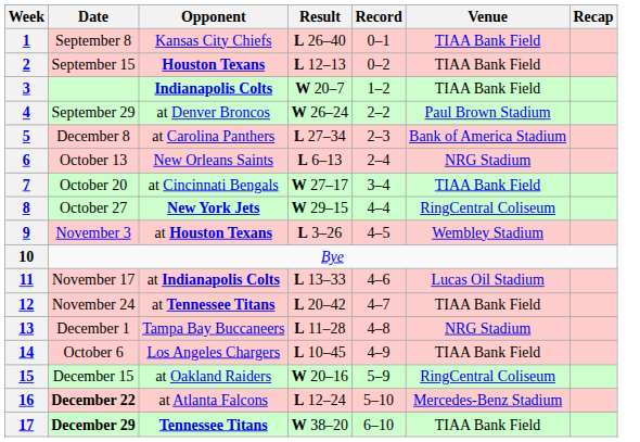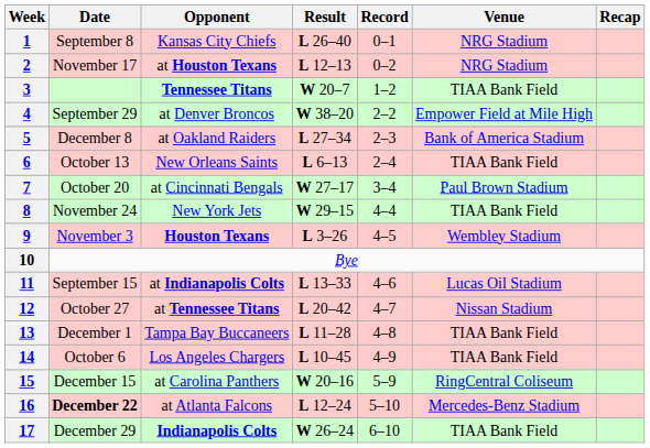 <table class="wikitable" style="text-align:center">
 <tr>
 <th>Week</th>
 <th>Date</th>
 <th>Opponent</th>
 <th>Result</th>
 <th>Record</th>
 <th>Venue</th>
 <th>Recap</th>
 </tr>
 <tr style="background:#fcc">
 <th><a href='#'>1</a></th>
 <td>September 8</td>
 <td><a href='#'>Kansas City Chiefs</a></td>
 <td><strong>L</strong> 26–40</td>
 <td>0–1</td>
-<td><a href='#'>TIAA Bank Field</a></td>
+<td><a href='#'>NRG Stadium</a></td>
 <td></td>
 </tr>
 <tr style="background:#fcc">
 <th><a href='#'>2</a></th>
-<td>September 15</td>
-<td><strong><a href='#'>Houston Texans</a></strong></td>
+<td>November 17</td>
+<td>at <strong><a href='#'>Houston Texans</a></strong></td>
 <td><strong>L</strong> 12–13</td>
 <td>0–2</td>
-<td>TIAA Bank Field</td>
+<td><a href='#'>NRG Stadium</a></td>
 <td></td>
 </tr>
 <tr style="background:#cfc">
 <th><a href='#'>3</a></th>
 <td></td>
-<td><strong><a href='#'>Indianapolis Colts</a></strong></td>
+<td><strong><a href='#'>Tennessee Titans</a></strong></td>
 <td><strong>W</strong> 20–7</td>
 <td>1–2</td>
 <td>TIAA Bank Field</td>
 <td></td>
 </tr>
 <tr style="background:#cfc">
 <th><a href='#'>4</a></th>
 <td>September 29</td>
 <td>at <a href='#'>Denver Broncos</a></td>
-<td><strong>W</strong> 26–24</td>
+<td><strong>W</strong> 38–20</td>
 <td>2–2</td>
-<td><a href='#'>Paul Brown Stadium</a></td>
+<td><a href='#'>Empower Field at Mile High</a></td>
 <td></td>
 </tr>
 <tr style="background:#fcc">
 <th><a href='#'>5</a></th>
 <td>December 8</td>
-<td>at <a href='#'>Carolina Panthers</a></td>
+<td>at <a href='#'>Oakland Raiders</a></td>
 <td><strong>L</strong> 27–34</td>
 <td>2–3</td>
 <td><a href='#'>Bank of America Stadium</a></td>
 <td></td>
 </tr>
 <tr style="background:#fcc">
 <th><a href='#'>6</a></th>
 <td>October 13</td>
 <td><a href='#'>New Orleans Saints</a></td>
 <td><strong>L</strong> 6–13</td>
 <td>2–4</td>
-<td><a href='#'>NRG Stadium</a></td>
+<td>TIAA Bank Field</td>
 <td></td>
 </tr>
 <tr style="background:#cfc">
 <th><a href='#'>7</a></th>
 <td>October 20</td>
 <td>at <a href='#'>Cincinnati Bengals</a></td>
 <td><strong>W</strong> 27–17</td>
 <td>3–4</td>
-<td><a href='#'>TIAA Bank Field</a></td>
+<td><a href='#'>Paul Brown Stadium</a></td>
 <td></td>
 </tr>
 <tr style="background:#cfc">
 <th><a href='#'>8</a></th>
-<td>October 27</td>
-<td><strong><a href='#'>New York Jets</a></strong></td>
+<td>November 24</td>
+<td><a href='#'>New York Jets</a></td>
 <td><strong>W</strong> 29–15</td>
 <td>4–4</td>
-<td><a href='#'>RingCentral Coliseum</a></td>
+<td>TIAA Bank Field</td>
 <td></td>
 </tr>
 <tr style="background:#fcc">
 <th><a href='#'>9</a></th>
 <td><a href='#'>November 3</a></td>
-<td>at <strong><a href='#'>Houston Texans</a></strong></td>
+<td><strong><a href='#'>Houston Texans</a></strong></td>
 <td><strong>L</strong> 3–26</td>
 <td>4–5</td>
 <td> <a href='#'>Wembley Stadium</a> </td>
 <td></td>
 </tr>
 <tr>
 <th>10</th>
 <td colspan="6"><em><a href='#'>Bye</a></em></td>
 </tr>
 <tr style="background:#fcc">
 <th><a href='#'>11</a></th>
-<td>November 17</td>
+<td>September 15</td>
 <td>at <strong><a href='#'>Indianapolis Colts</a></strong></td>
 <td><strong>L</strong> 13–33</td>
 <td>4–6</td>
 <td><a href='#'>Lucas Oil Stadium</a></td>
 <td></td>
 </tr>
 <tr style="background:#fcc">
 <th><a href='#'>12</a></th>
-<td>November 24</td>
+<td>October 27</td>
 <td>at <strong><a href='#'>Tennessee Titans</a></strong></td>
 <td><strong>L</strong> 20–42</td>
 <td>4–7</td>
-<td>TIAA Bank Field</td>
+<td><a href='#'>Nissan Stadium</a></td>
 <td></td>
 </tr>
 <tr style="background:#fcc">
 <th><a href='#'>13</a></th>
 <td>December 1</td>
 <td><a href='#'>Tampa Bay Buccaneers</a></td>
 <td><strong>L</strong> 11–28</td>
 <td>4–8</td>
-<td><a href='#'>NRG Stadium</a></td>
+<td>TIAA Bank Field</td>
 <td></td>
 </tr>
 <tr style="background:#fcc">
 <th><a href='#'>14</a></th>
 <td>October 6</td>
 <td><a href='#'>Los Angeles Chargers</a></td>
 <td><strong>L</strong> 10–45</td>
 <td>4–9</td>
 <td>TIAA Bank Field</td>
 <td></td>
 </tr>
 <tr style="background:#cfc">
 <th><a href='#'>15</a></th>
 <td>December 15</td>
-<td>at <a href='#'>Oakland Raiders</a></td>
+<td>at <a href='#'>Carolina Panthers</a></td>
 <td><strong>W</strong> 20–16</td>
 <td>5–9</td>
 <td><a href='#'>RingCentral Coliseum</a></td>
 <td></td>
 </tr>
 <tr style="background:#fcc">
 <th><a href='#'>16</a></th>
 <td><strong>December 22</strong></td>
 <td>at <a href='#'>Atlanta Falcons</a></td>
 <td><strong>L</strong> 12–24</td>
 <td>5–10</td>
 <td><a href='#'>Mercedes-Benz Stadium</a></td>
 <td></td>
 </tr>
 <tr style="background:#cfc">
 <th><a href='#'>17</a></th>
-<td><strong>December 29</strong></td>
-<td><strong><a href='#'>Tennessee Titans</a></strong></td>
-<td><strong>W</strong> 38–20</td>
+<td>December 29</td>
+<td><strong><a href='#'>Indianapolis Colts</a></strong></td>
+<td><strong>W</strong> 26–24</td>
 <td>6–10</td>
 <td>TIAA Bank Field</td>
 <td></td>
 </tr>
 </table>
